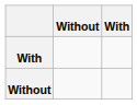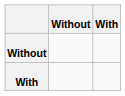 <table class="wikitable infobox">
 <tr>
 <th></th>
 <th><br>Without</th>
 <th><br>With</th>
 </tr>
 <tr>
+<th><br>Without</th>
+<td></td>
+<td></td>
+</tr>
+<tr>
 <th><br>With</th>
 <td></td>
 <td></td>
 </tr>
-<tr>
-<th><br>Without</th>
-<td></td>
-<td></td>
-</tr>
 </table>
